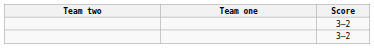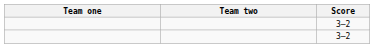 <table class="wikitable" style="text-align: center">
 <tr>
+<th width=250>Team one</th>
 <th width=250>Team two</th>
-<th width=250>Team one</th>
 <th width=80>Score</th>
 </tr>
 <tr>
 <td></td>
 <td></td>
 <td>3–2</td>
 </tr>
 <tr>
 <td></td>
 <td></td>
 <td>3–2</td>
 </tr>
 </table>
